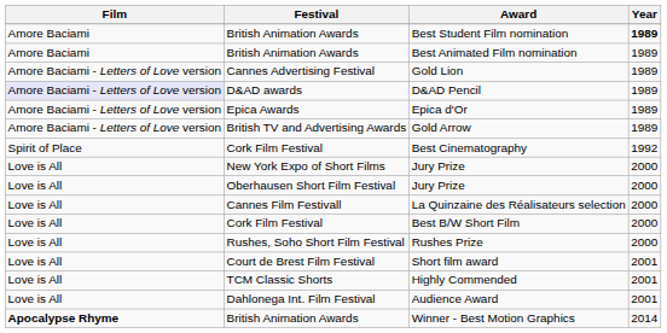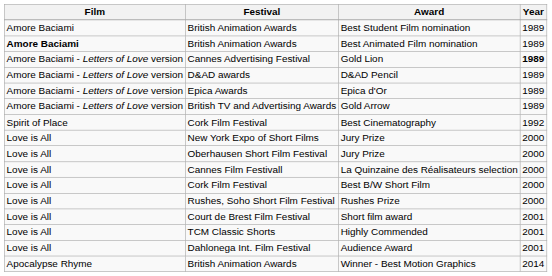 <table class="wikitable">
 <tr>
 <th>Film</th>
 <th>Festival</th>
 <th>Award</th>
 <th>Year</th>
 </tr>
 <tr>
 </tr>
 <tr>
 <td>Amore Baciami</td>
 <td>British Animation Awards</td>
 <td>Best Student Film nomination</td>
-<td><strong>1989</strong></td>
+<td>1989</td>
 </tr>
 <tr>
-<td>Amore Baciami</td>
+<td><strong>Amore Baciami</strong></td>
 <td>British Animation Awards</td>
 <td>Best Animated Film nomination</td>
 <td>1989</td>
 </tr>
 <tr>
 <td>Amore Baciami - <em>Letters of Love</em> version</td>
 <td>Cannes Advertising Festival</td>
 <td>Gold Lion</td>
-<td>1989</td>
+<td><strong>1989</strong></td>
 </tr>
 <tr>
-<td style="background: lavender;">Amore Baciami - <em>Letters of Love</em> version</td>
+<td>Amore Baciami - <em>Letters of Love</em> version</td>
 <td>D&AD awards</td>
 <td>D&AD Pencil</td>
 <td>1989</td>
 </tr>
 <tr>
 <td>Amore Baciami - <em>Letters of Love</em> version</td>
 <td>Epica Awards</td>
 <td>Epica d'Or</td>
 <td>1989</td>
 </tr>
 <tr>
 <td>Amore Baciami - <em>Letters of Love</em> version</td>
 <td>British TV and Advertising Awards</td>
 <td>Gold Arrow</td>
 <td>1989</td>
 </tr>
 <tr>
 <td>Spirit of Place</td>
 <td>Cork Film Festival</td>
 <td>Best Cinematography</td>
 <td>1992</td>
 </tr>
 <tr>
 <td>Love is All</td>
 <td>New York Expo of Short Films</td>
 <td>Jury Prize</td>
 <td>2000</td>
 </tr>
 <tr>
 <td>Love is All</td>
 <td>Oberhausen Short Film Festival</td>
 <td>Jury Prize</td>
 <td>2000</td>
 </tr>
 <tr>
 <td>Love is All</td>
 <td>Cannes Film Festivall</td>
 <td>La Quinzaine des Réalisateurs selection</td>
 <td>2000</td>
 </tr>
 <tr>
 <td>Love is All</td>
 <td>Cork Film Festival</td>
 <td>Best B/W Short Film</td>
 <td>2000</td>
 </tr>
 <tr>
 <td>Love is All</td>
 <td>Rushes, Soho Short Film Festival</td>
 <td>Rushes Prize</td>
 <td>2000</td>
 </tr>
 <tr>
 <td>Love is All</td>
 <td>Court de Brest Film Festival</td>
 <td>Short film award</td>
 <td>2001</td>
 </tr>
 <tr>
 <td>Love is All</td>
 <td>TCM Classic Shorts</td>
 <td>Highly Commended</td>
 <td>2001</td>
 </tr>
 <tr>
 <td>Love is All</td>
 <td>Dahlonega Int. Film Festival</td>
 <td>Audience Award</td>
 <td>2001</td>
 </tr>
 <tr>
-<td><strong>Apocalypse Rhyme</strong></td>
+<td>Apocalypse Rhyme</td>
 <td>British Animation Awards</td>
 <td>Winner - Best Motion Graphics</td>
 <td>2014</td>
 </tr>
 </table>
